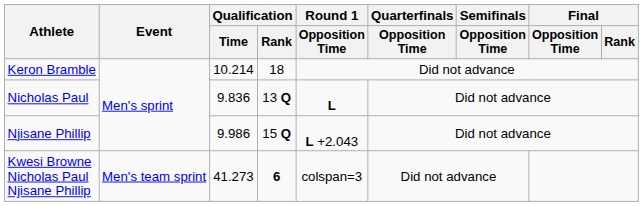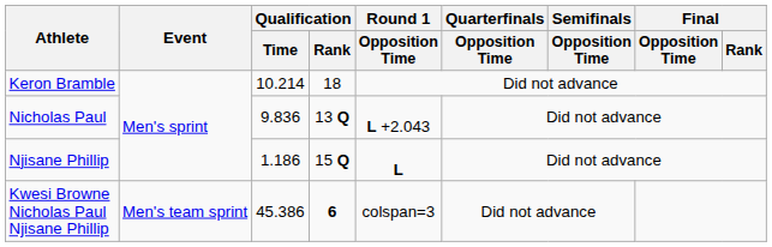 <table class="wikitable" style="font-size:90%;">
 <tr>
 <th rowspan=2>Athlete</th>
 <th rowspan=2>Event</th>
 <th colspan=2>Qualification</th>
 <th>Round 1</th>
 <th>Quarterfinals</th>
 <th>Semifinals</th>
 <th colspan=2>Final</th>
 </tr>
 <tr style="font-size:95%">
 <th>Time</th>
 <th>Rank</th>
 <th>Opposition<br>Time</th>
 <th>Opposition<br>Time</th>
 <th>Opposition<br>Time</th>
 <th>Opposition<br>Time</th>
 <th>Rank</th>
 </tr>
 <tr align=center>
 <td align=left><a href='#'>Keron Bramble</a></td>
 <td align=left rowspan=3><a href='#'>Men's sprint</a></td>
 <td>10.214</td>
 <td>18</td>
 <td colspan=5>Did not advance</td>
 </tr>
 <tr align=center>
 <td align=left><a href='#'>Nicholas Paul</a></td>
 <td>9.836</td>
 <td>13 <strong>Q</strong></td>
-<td><br><strong>L</strong> </td>
+<td><br><strong>L</strong> +2.043</td>
 <td colspan=4>Did not advance</td>
 </tr>
 <tr align=center>
 <td align=left><a href='#'>Njisane Phillip</a></td>
-<td>9.986</td>
+<td>1.186</td>
 <td>15 <strong>Q</strong></td>
-<td><br><strong>L</strong> +2.043</td>
+<td><br><strong>L</strong> </td>
 <td colspan=4>Did not advance</td>
 </tr>
 <tr align=center>
 <td align=left><a href='#'>Kwesi Browne</a><br><a href='#'>Nicholas Paul</a><br><a href='#'>Njisane Phillip</a></td>
 <td align=left><a href='#'>Men's team sprint</a></td>
-<td>41.273</td>
+<td>45.386</td>
 <td><strong>6</strong></td>
 <td>colspan=3 </td>
 <td colspan=2>Did not advance</td>
 </tr>
 </table>
